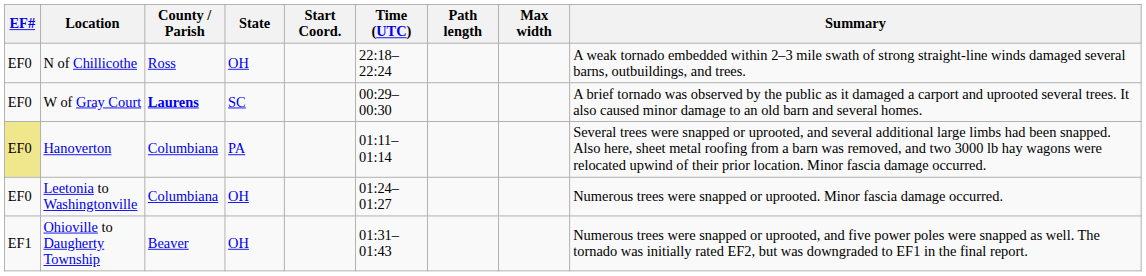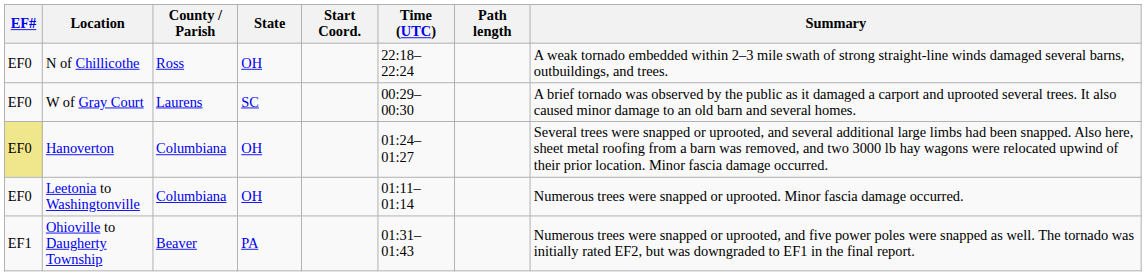 <table class="wikitable sortable" style="width:100%;">
 <tr>
 <th scope="col"  style="width:3%; text-align:center;"><a href='#'>EF#</a></th>
 <th scope="col"  style="width:7%; text-align:center;" class="unsortable">Location</th>
 <th scope="col"  style="width:6%; text-align:center;" class="unsortable">County / Parish</th>
 <th scope="col"  style="width:5%; text-align:center;">State</th>
 <th scope="col"  style="width:6%; text-align:center;">Start Coord.</th>
 <th scope="col"  style="width:6%; text-align:center;">Time (<a href='#'>UTC</a>)</th>
 <th scope="col"  style="width:6%; text-align:center;">Path length</th>
-<th scope="col"  style="width:6%; text-align:center;">Max width</th>
 <th scope="col" class="unsortable" style="width:48%; text-align:center;">Summary</th>
 </tr>
 <tr>
 <td>EF0</td>
 <td>N of <a href='#'>Chillicothe</a></td>
 <td><a href='#'>Ross</a></td>
 <td><a href='#'>OH</a></td>
 <td></td>
 <td>22:18–22:24</td>
 <td></td>
-<td></td>
 <td>A weak tornado embedded within 2–3 mile swath of strong straight-line winds damaged several barns, outbuildings, and trees.</td>
 </tr>
 <tr>
 <td>EF0</td>
 <td>W of <a href='#'>Gray Court</a></td>
-<td><strong><a href='#'>Laurens</a></strong></td>
+<td><a href='#'>Laurens</a></td>
 <td><a href='#'>SC</a></td>
 <td></td>
 <td>00:29–00:30</td>
-<td></td>
 <td></td>
 <td>A brief tornado was observed by the public as it damaged a carport and uprooted several trees. It also caused minor damage to an old barn and several homes.</td>
 </tr>
 <tr>
 <td style="background: khaki;">EF0</td>
 <td><a href='#'>Hanoverton</a></td>
 <td><a href='#'>Columbiana</a></td>
-<td><a href='#'>PA</a></td>
+<td><a href='#'>OH</a></td>
 <td></td>
-<td>01:11–01:14</td>
-<td></td>
+<td>01:24–01:27</td>
 <td></td>
 <td>Several trees were snapped or uprooted, and several additional large limbs had been snapped. Also here, sheet metal roofing from a barn was removed, and two 3000 lb hay wagons were relocated upwind of their prior location. Minor fascia damage occurred.</td>
 </tr>
 <tr>
 <td>EF0</td>
 <td><a href='#'>Leetonia</a> to <a href='#'>Washingtonville</a></td>
 <td><a href='#'>Columbiana</a></td>
 <td><a href='#'>OH</a></td>
 <td></td>
-<td>01:24–01:27</td>
-<td></td>
+<td>01:11–01:14</td>
 <td></td>
 <td>Numerous trees were snapped or uprooted. Minor fascia damage occurred.</td>
 </tr>
 <tr>
 <td>EF1</td>
 <td><a href='#'>Ohioville</a> to <a href='#'>Daugherty Township</a></td>
 <td><a href='#'>Beaver</a></td>
-<td><a href='#'>OH</a></td>
+<td><a href='#'>PA</a></td>
 <td></td>
 <td>01:31–01:43</td>
-<td></td>
 <td></td>
 <td>Numerous trees were snapped or uprooted, and five power poles were snapped as well. The tornado was initially rated EF2, but was downgraded to EF1 in the final report.</td>
 </tr>
 </table>
